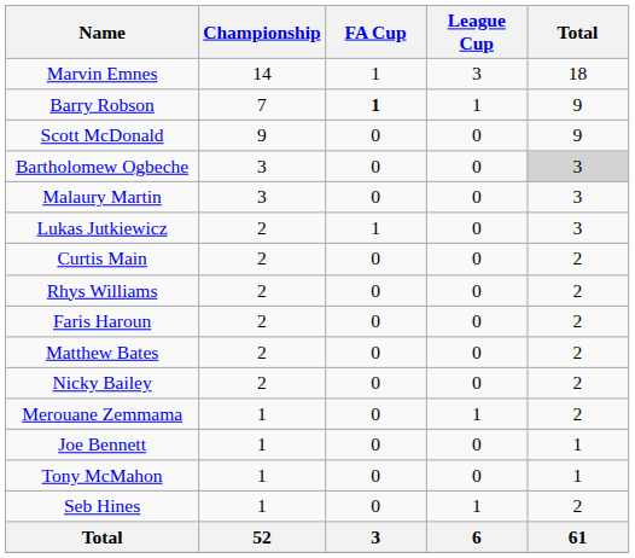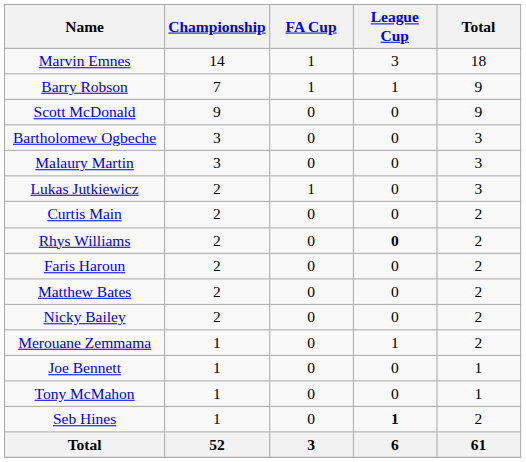 <table class="wikitable sortable" style="text-align:center; font-size:95%">
 <tr>
 <th width=150px>Name</th>
 <th width=75px><a href='#'>Championship</a></th>
 <th width=75px><a href='#'>FA Cup</a></th>
 <th width=75px><a href='#'>League<br>Cup</a></th>
 <th width=75px>Total</th>
 </tr>
 <tr>
 <td> <a href='#'>Marvin Emnes</a></td>
 <td>14</td>
 <td>1</td>
 <td>3</td>
 <td>18</td>
 </tr>
 <tr>
 <td> <a href='#'>Barry Robson</a></td>
 <td>7</td>
-<td><strong>1</strong></td>
+<td>1</td>
 <td>1</td>
 <td>9</td>
 </tr>
 <tr>
 <td> <a href='#'>Scott McDonald</a></td>
 <td>9</td>
 <td>0</td>
 <td>0</td>
 <td>9</td>
 </tr>
 <tr>
 <td> <a href='#'>Bartholomew Ogbeche</a></td>
 <td>3</td>
 <td>0</td>
 <td>0</td>
-<td style="background: lightgrey;">3</td>
+<td>3</td>
 </tr>
 <tr>
 <td> <a href='#'>Malaury Martin</a></td>
 <td>3</td>
 <td>0</td>
 <td>0</td>
 <td>3</td>
 </tr>
 <tr>
 <td> <a href='#'>Lukas Jutkiewicz</a></td>
 <td>2</td>
 <td>1</td>
 <td>0</td>
 <td>3</td>
 </tr>
 <tr>
 <td> <a href='#'>Curtis Main</a></td>
 <td>2</td>
 <td>0</td>
 <td>0</td>
 <td>2</td>
 </tr>
 <tr>
 <td> <a href='#'>Rhys Williams</a></td>
 <td>2</td>
 <td>0</td>
-<td>0</td>
+<td><strong>0</strong></td>
 <td>2</td>
 </tr>
 <tr>
 <td> <a href='#'>Faris Haroun</a></td>
 <td>2</td>
 <td>0</td>
 <td>0</td>
 <td>2</td>
 </tr>
 <tr>
 <td> <a href='#'>Matthew Bates</a></td>
 <td>2</td>
 <td>0</td>
 <td>0</td>
 <td>2</td>
 </tr>
 <tr>
 <td> <a href='#'>Nicky Bailey</a></td>
 <td>2</td>
 <td>0</td>
 <td>0</td>
 <td>2</td>
 </tr>
 <tr>
 <td> <a href='#'>Merouane Zemmama</a></td>
 <td>1</td>
 <td>0</td>
 <td>1</td>
 <td>2</td>
 </tr>
 <tr>
 <td> <a href='#'>Joe Bennett</a></td>
 <td>1</td>
 <td>0</td>
 <td>0</td>
 <td>1</td>
 </tr>
 <tr>
 <td> <a href='#'>Tony McMahon</a></td>
 <td>1</td>
 <td>0</td>
 <td>0</td>
 <td>1</td>
 </tr>
 <tr>
 <td> <a href='#'>Seb Hines</a></td>
 <td>1</td>
 <td>0</td>
-<td>1</td>
+<td><strong>1</strong></td>
 <td>2</td>
 </tr>
 <tr class="unsortable">
 <th>Total</th>
 <th>52</th>
 <th>3</th>
 <th>6</th>
 <th>61</th>
 </tr>
 <tr>
 </tr>
 </table>
